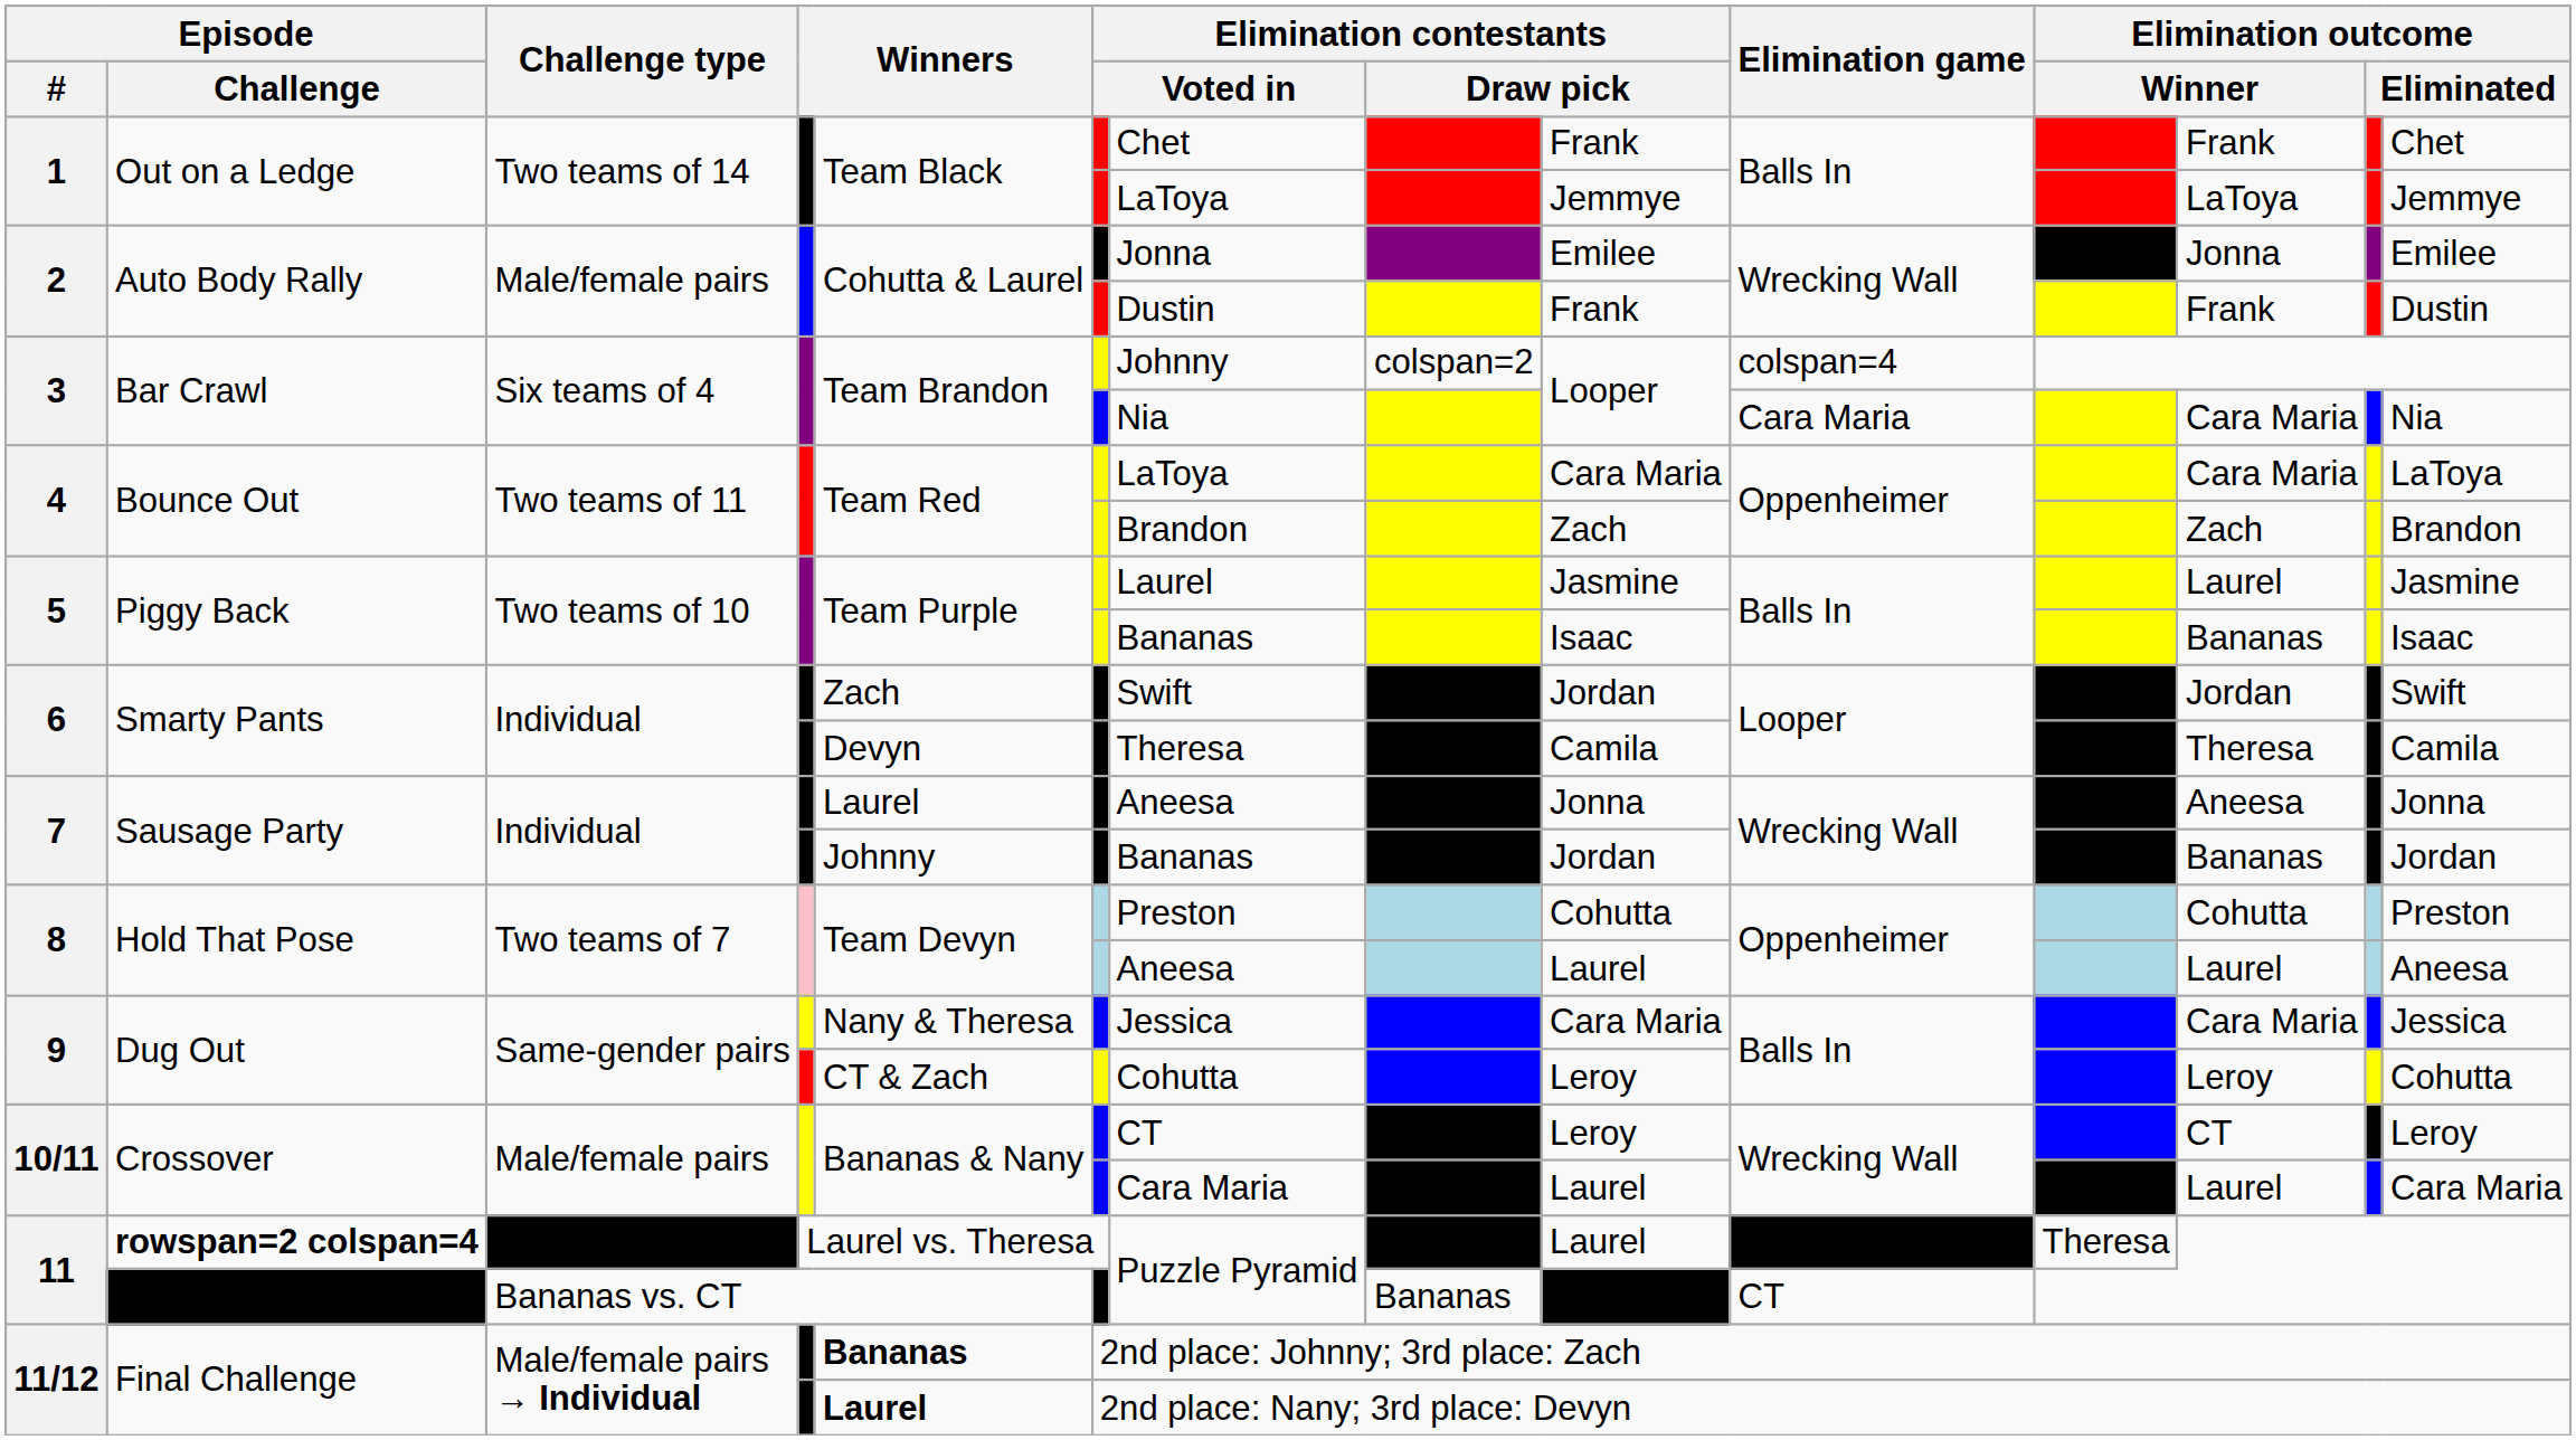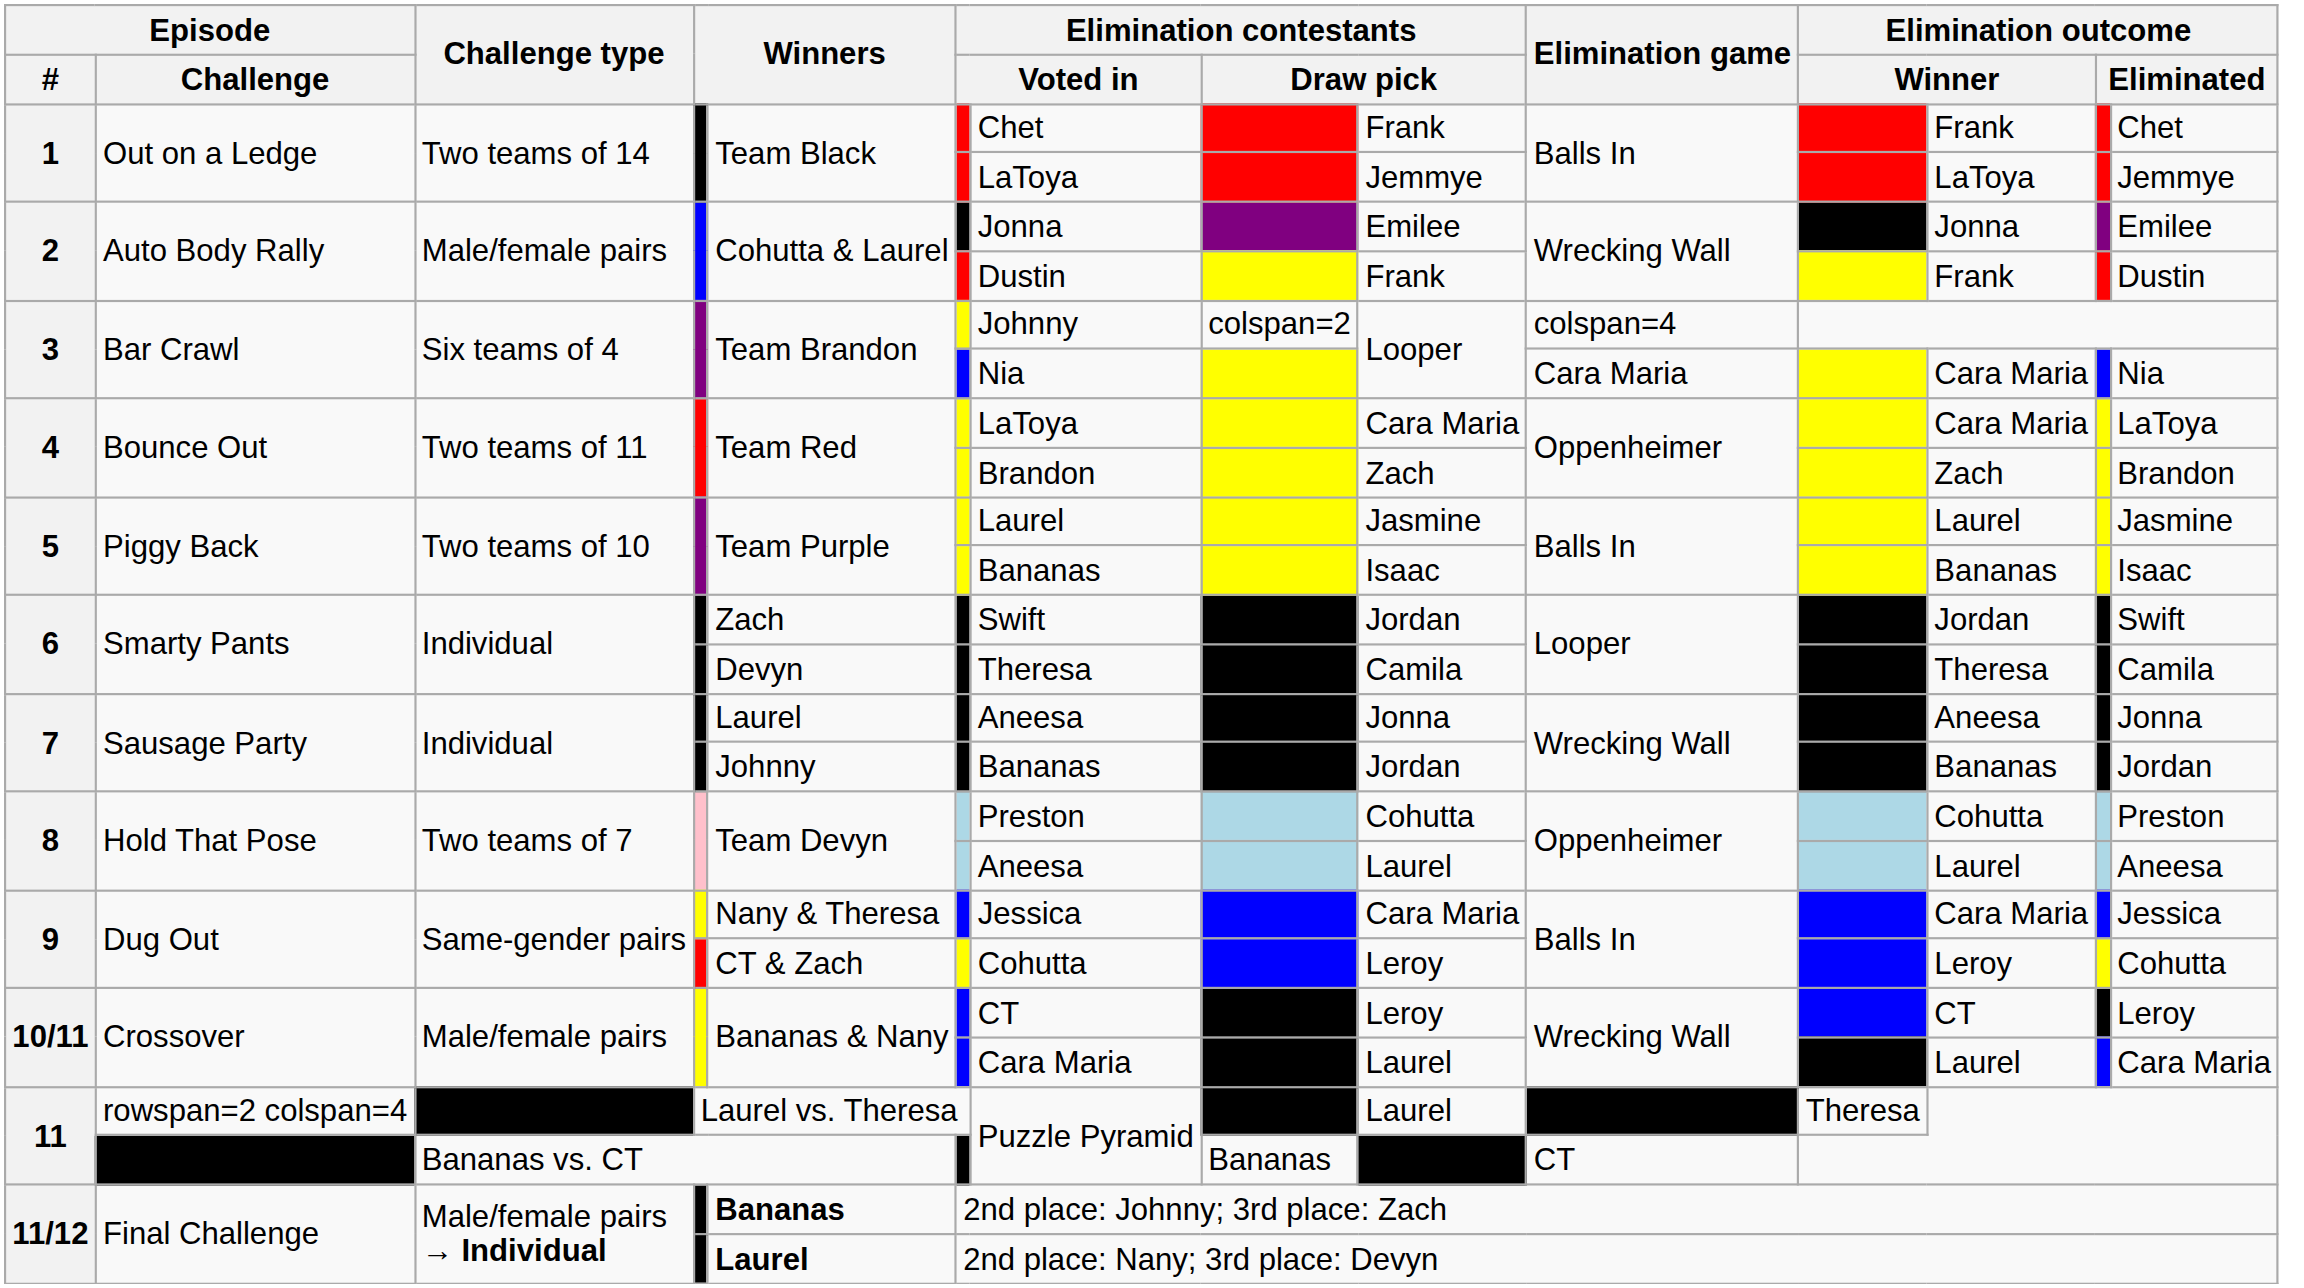 <table class="wikitable" style="font-size:90%; white-space:nowrap">
 <tr>
 <th colspan=2>Episode</th>
 <th rowspan=2>Challenge type</th>
 <th rowspan="2" colspan="2" style="white-space:nowrap;">Winners</th>
 <th colspan=4 nowrap>Elimination contestants</th>
 <th rowspan=2 nowrap>Elimination game</th>
 <th colspan=4>Elimination outcome</th>
 </tr>
 <tr>
 <th style="width:15px;">#</th>
 <th>Challenge</th>
 <th colspan=2>Voted in</th>
 <th colspan=2>Draw pick</th>
 <th colspan=2>Winner</th>
 <th colspan=2>Eliminated</th>
 </tr>
 <tr>
 <th rowspan=2>1</th>
 <td rowspan=2>Out on a Ledge</td>
 <td rowspan=2>Two teams of 14</td>
 <td rowspan=2 style="background:black"></td>
 <td rowspan=2>Team Black</td>
 <td style="background:red"></td>
 <td>Chet</td>
 <td style="background:Red"></td>
 <td>Frank</td>
 <td rowspan=2>Balls In</td>
 <td style="background:Red"></td>
 <td>Frank</td>
 <td style="background:Red"></td>
 <td>Chet</td>
 </tr>
 <tr>
 <td style="background:Red"></td>
 <td>LaToya</td>
 <td style="background:Red"></td>
 <td>Jemmye</td>
 <td style="background:Red"></td>
 <td>LaToya</td>
 <td style="background:Red"></td>
 <td>Jemmye</td>
 </tr>
 <tr>
 <th rowspan=2>2</th>
 <td rowspan=2 nowrap>Auto Body Rally</td>
 <td rowspan=2>Male/female pairs</td>
 <td rowspan=2 style="background:blue"></td>
 <td rowspan=2 nowrap>Cohutta & Laurel</td>
 <td style="background:black"></td>
 <td>Jonna</td>
 <td style="background:purple"></td>
 <td>Emilee</td>
 <td rowspan=2 nowrap>Wrecking Wall</td>
 <td style="background:black"></td>
 <td>Jonna</td>
 <td style="background:purple"></td>
 <td>Emilee</td>
 </tr>
 <tr>
 <td style="background:Red"></td>
 <td>Dustin</td>
 <td style="background:Yellow"></td>
 <td>Frank</td>
 <td style="background:Yellow"></td>
 <td>Frank</td>
 <td style="background:Red"></td>
 <td>Dustin</td>
 </tr>
 <tr>
 <th rowspan=2>3</th>
 <td rowspan=2>Bar Crawl</td>
 <td rowspan=2>Six teams of 4</td>
 <td rowspan="2" style="background:purple;"></td>
 <td rowspan=2>Team Brandon</td>
 <td style="background:yellow;"></td>
 <td>Johnny</td>
 <td>colspan=2 </td>
 <td rowspan=2>Looper</td>
 <td>colspan=4 </td>
 </tr>
 <tr>
 <td style="background:blue;"></td>
 <td>Nia</td>
 <td style="background:yellow;"></td>
 <td nowrap>Cara Maria</td>
 <td style="background:yellow;"></td>
 <td nowrap>Cara Maria</td>
 <td style="background:blue;"></td>
 <td>Nia</td>
 </tr>
 <tr>
 <th rowspan=2>4</th>
 <td rowspan=2>Bounce Out</td>
 <td rowspan=2>Two teams of 11</td>
 <td rowspan="2" style="background:red;"></td>
 <td rowspan=2>Team Red</td>
 <td style="background:yellow;"></td>
 <td>LaToya</td>
 <td style="background:yellow;"></td>
 <td>Cara Maria</td>
 <td rowspan=2>Oppenheimer</td>
 <td style="background:yellow;"></td>
 <td>Cara Maria</td>
 <td style="background:yellow;"></td>
 <td>LaToya</td>
 </tr>
 <tr>
 <td style="background:yellow;"></td>
 <td>Brandon</td>
 <td style="background:yellow;"></td>
 <td>Zach</td>
 <td style="background:yellow;"></td>
 <td>Zach</td>
 <td style="background:yellow;"></td>
 <td>Brandon</td>
 </tr>
 <tr>
 <th rowspan=2>5</th>
 <td rowspan=2>Piggy Back</td>
 <td rowspan=2>Two teams of 10</td>
 <td rowspan="2" style="background:purple;"></td>
 <td rowspan=2>Team Purple</td>
 <td style="background:yellow;"></td>
 <td>Laurel</td>
 <td style="background:yellow;"></td>
 <td>Jasmine</td>
 <td rowspan=2>Balls In</td>
 <td style="background:yellow;"></td>
 <td>Laurel</td>
 <td style="background:yellow;"></td>
 <td>Jasmine</td>
 </tr>
 <tr>
 <td style="background:yellow;"></td>
 <td>Bananas</td>
 <td style="background:yellow;"></td>
 <td>Isaac</td>
 <td style="background:yellow;"></td>
 <td>Bananas</td>
 <td style="background:yellow;"></td>
 <td>Isaac</td>
 </tr>
 <tr>
 <th rowspan=2>6</th>
 <td rowspan=2>Smarty Pants</td>
 <td rowspan=2>Individual</td>
 <td style="background:black;"></td>
 <td>Zach</td>
 <td style="background:black;"></td>
 <td>Swift</td>
 <td style="background:black;"></td>
 <td>Jordan</td>
 <td rowspan=2>Looper</td>
 <td style="background:black;"></td>
 <td>Jordan</td>
 <td style="background:black;"></td>
 <td>Swift</td>
 </tr>
 <tr>
 <td style="background:black;"></td>
 <td>Devyn</td>
 <td style="background:black;"></td>
 <td>Theresa</td>
 <td style="background:black;"></td>
 <td>Camila</td>
 <td style="background:black;"></td>
 <td>Theresa</td>
 <td style="background:black;"></td>
 <td>Camila</td>
 </tr>
 <tr>
 <th rowspan=2>7</th>
 <td rowspan=2>Sausage Party</td>
 <td rowspan=2>Individual</td>
 <td style="background:black;"></td>
 <td>Laurel</td>
 <td style="background:black;"></td>
 <td>Aneesa</td>
 <td style="background:black;"></td>
 <td>Jonna</td>
 <td rowspan=2>Wrecking Wall</td>
 <td style="background:black;"></td>
 <td>Aneesa</td>
 <td style="background:black;"></td>
 <td>Jonna</td>
 </tr>
 <tr>
 <td style="background:black;"></td>
 <td>Johnny</td>
 <td style="background:black;"></td>
 <td>Bananas</td>
 <td style="background:black;"></td>
 <td>Jordan</td>
 <td style="background:black;"></td>
 <td>Bananas</td>
 <td style="background:black;"></td>
 <td>Jordan</td>
 </tr>
 <tr>
 <th rowspan=2>8</th>
 <td rowspan=2>Hold That Pose</td>
 <td rowspan=2>Two teams of 7</td>
 <td rowspan="2" style="background:pink;"></td>
 <td rowspan=2>Team Devyn</td>
 <td style="background:lightblue;"></td>
 <td>Preston</td>
 <td style="background:lightblue;"></td>
 <td>Cohutta</td>
 <td rowspan=2>Oppenheimer</td>
 <td style="background:lightblue;"></td>
 <td>Cohutta</td>
 <td style="background:lightblue;"></td>
 <td>Preston</td>
 </tr>
 <tr>
 <td style="background:lightblue;"></td>
 <td>Aneesa</td>
 <td style="background:lightblue;"></td>
 <td>Laurel</td>
 <td style="background:lightblue;"></td>
 <td>Laurel</td>
 <td style="background:lightblue;"></td>
 <td>Aneesa</td>
 </tr>
 <tr>
 <th rowspan=2>9</th>
 <td rowspan=2>Dug Out</td>
 <td rowspan=2 nowrap>Same-gender pairs</td>
 <td style="background:yellow;"></td>
 <td nowrap>Nany & Theresa</td>
 <td style="background:blue;"></td>
 <td>Jessica</td>
 <td style="background:blue;"></td>
 <td nowrap>Cara Maria</td>
 <td rowspan=2>Balls In</td>
 <td style="background:blue;"></td>
 <td>Cara Maria</td>
 <td style="background:blue;"></td>
 <td>Jessica</td>
 </tr>
 <tr>
 <td style="background:red;"></td>
 <td>CT & Zach</td>
 <td style="background:yellow;"></td>
 <td>Cohutta</td>
 <td style="background:blue;"></td>
 <td>Leroy</td>
 <td style="background:blue;"></td>
 <td>Leroy</td>
 <td style="background:yellow;"></td>
 <td>Cohutta</td>
 </tr>
 <tr>
 <th rowspan=2>10/11</th>
 <td rowspan=2>Crossover</td>
 <td rowspan=2>Male/female pairs</td>
 <td rowspan="2" style="background:yellow;"></td>
 <td rowspan=2 Nowrap>Bananas & Nany</td>
 <td style="background:blue;"></td>
 <td>CT</td>
 <td style="background:black;"></td>
 <td>Leroy</td>
 <td rowspan=2>Wrecking Wall</td>
 <td style="background:blue;"></td>
 <td>CT</td>
 <td style="background:black;"></td>
 <td>Leroy</td>
 </tr>
 <tr>
 <td style="background:blue;"></td>
 <td nowrap>Cara Maria</td>
 <td style="background:black;"></td>
 <td>Laurel</td>
 <td style="background:black;"></td>
 <td>Laurel</td>
 <td style="background:blue;"></td>
 <td nowrap>Cara Maria</td>
 </tr>
 <tr>
 <th rowspan=2>11</th>
-<td><strong>rowspan=2 colspan=4 </strong></td>
+<td>rowspan=2 colspan=4 </td>
 <td style="background:black;"></td>
 <td colspan=3>Laurel vs. Theresa</td>
 <td rowspan=2 nowrap>Puzzle Pyramid</td>
 <td style="background:black;"></td>
 <td>Laurel</td>
 <td style="background:black;"></td>
 <td>Theresa</td>
 </tr>
 <tr>
 <td style="background:black;"></td>
 <td colspan=3>Bananas vs. CT</td>
 <td style="background:black;"></td>
 <td>Bananas</td>
 <td style="background:black;"></td>
 <td>CT</td>
 </tr>
 <tr>
 <th rowspan=2>11/12</th>
 <td rowspan=2 nowrap>Final Challenge</td>
 <td rowspan=2 nowrap>Male/female pairs<br> → <strong>Individual</strong></td>
 <td style="background:black;"></td>
 <td><strong>Bananas</strong></td>
 <td colspan=11>2nd place: Johnny; 3rd place: Zach</td>
 </tr>
 <tr>
 <td style="background:black;"></td>
 <td><strong>Laurel</strong></td>
 <td colspan=11>2nd place: Nany; 3rd place: Devyn</td>
 </tr>
 </table>
